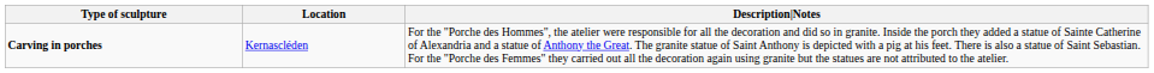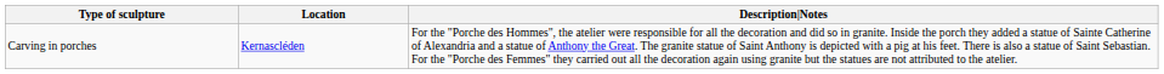 <table class="wikitable sortable" style="width:100%; margin-top:0.5em;">
 <tr>
 <th scope="col">Type of sculpture</th>
 <th scope="col">Location</th>
 <th scope="col" style="width:65%;">Description|Notes</th>
 </tr>
 <tr>
-<td><strong>Carving in porches</strong></td>
+<td>Carving in porches</td>
 <td><a href='#'>Kernascléden</a></td>
 <td>For the "Porche des Hommes", the atelier were responsible for all the decoration and did so in granite. Inside the porch they added a statue of Sainte Catherine of Alexandria and a statue of <a href='#'>Anthony the Great</a>. The granite statue of Saint Anthony is depicted with a pig at his feet. There is also a statue of Saint Sebastian. For the "Porche des Femmes" they carried out all the decoration again using granite but the statues are not attributed to the atelier.<br></td>
 </tr>
 </table>
